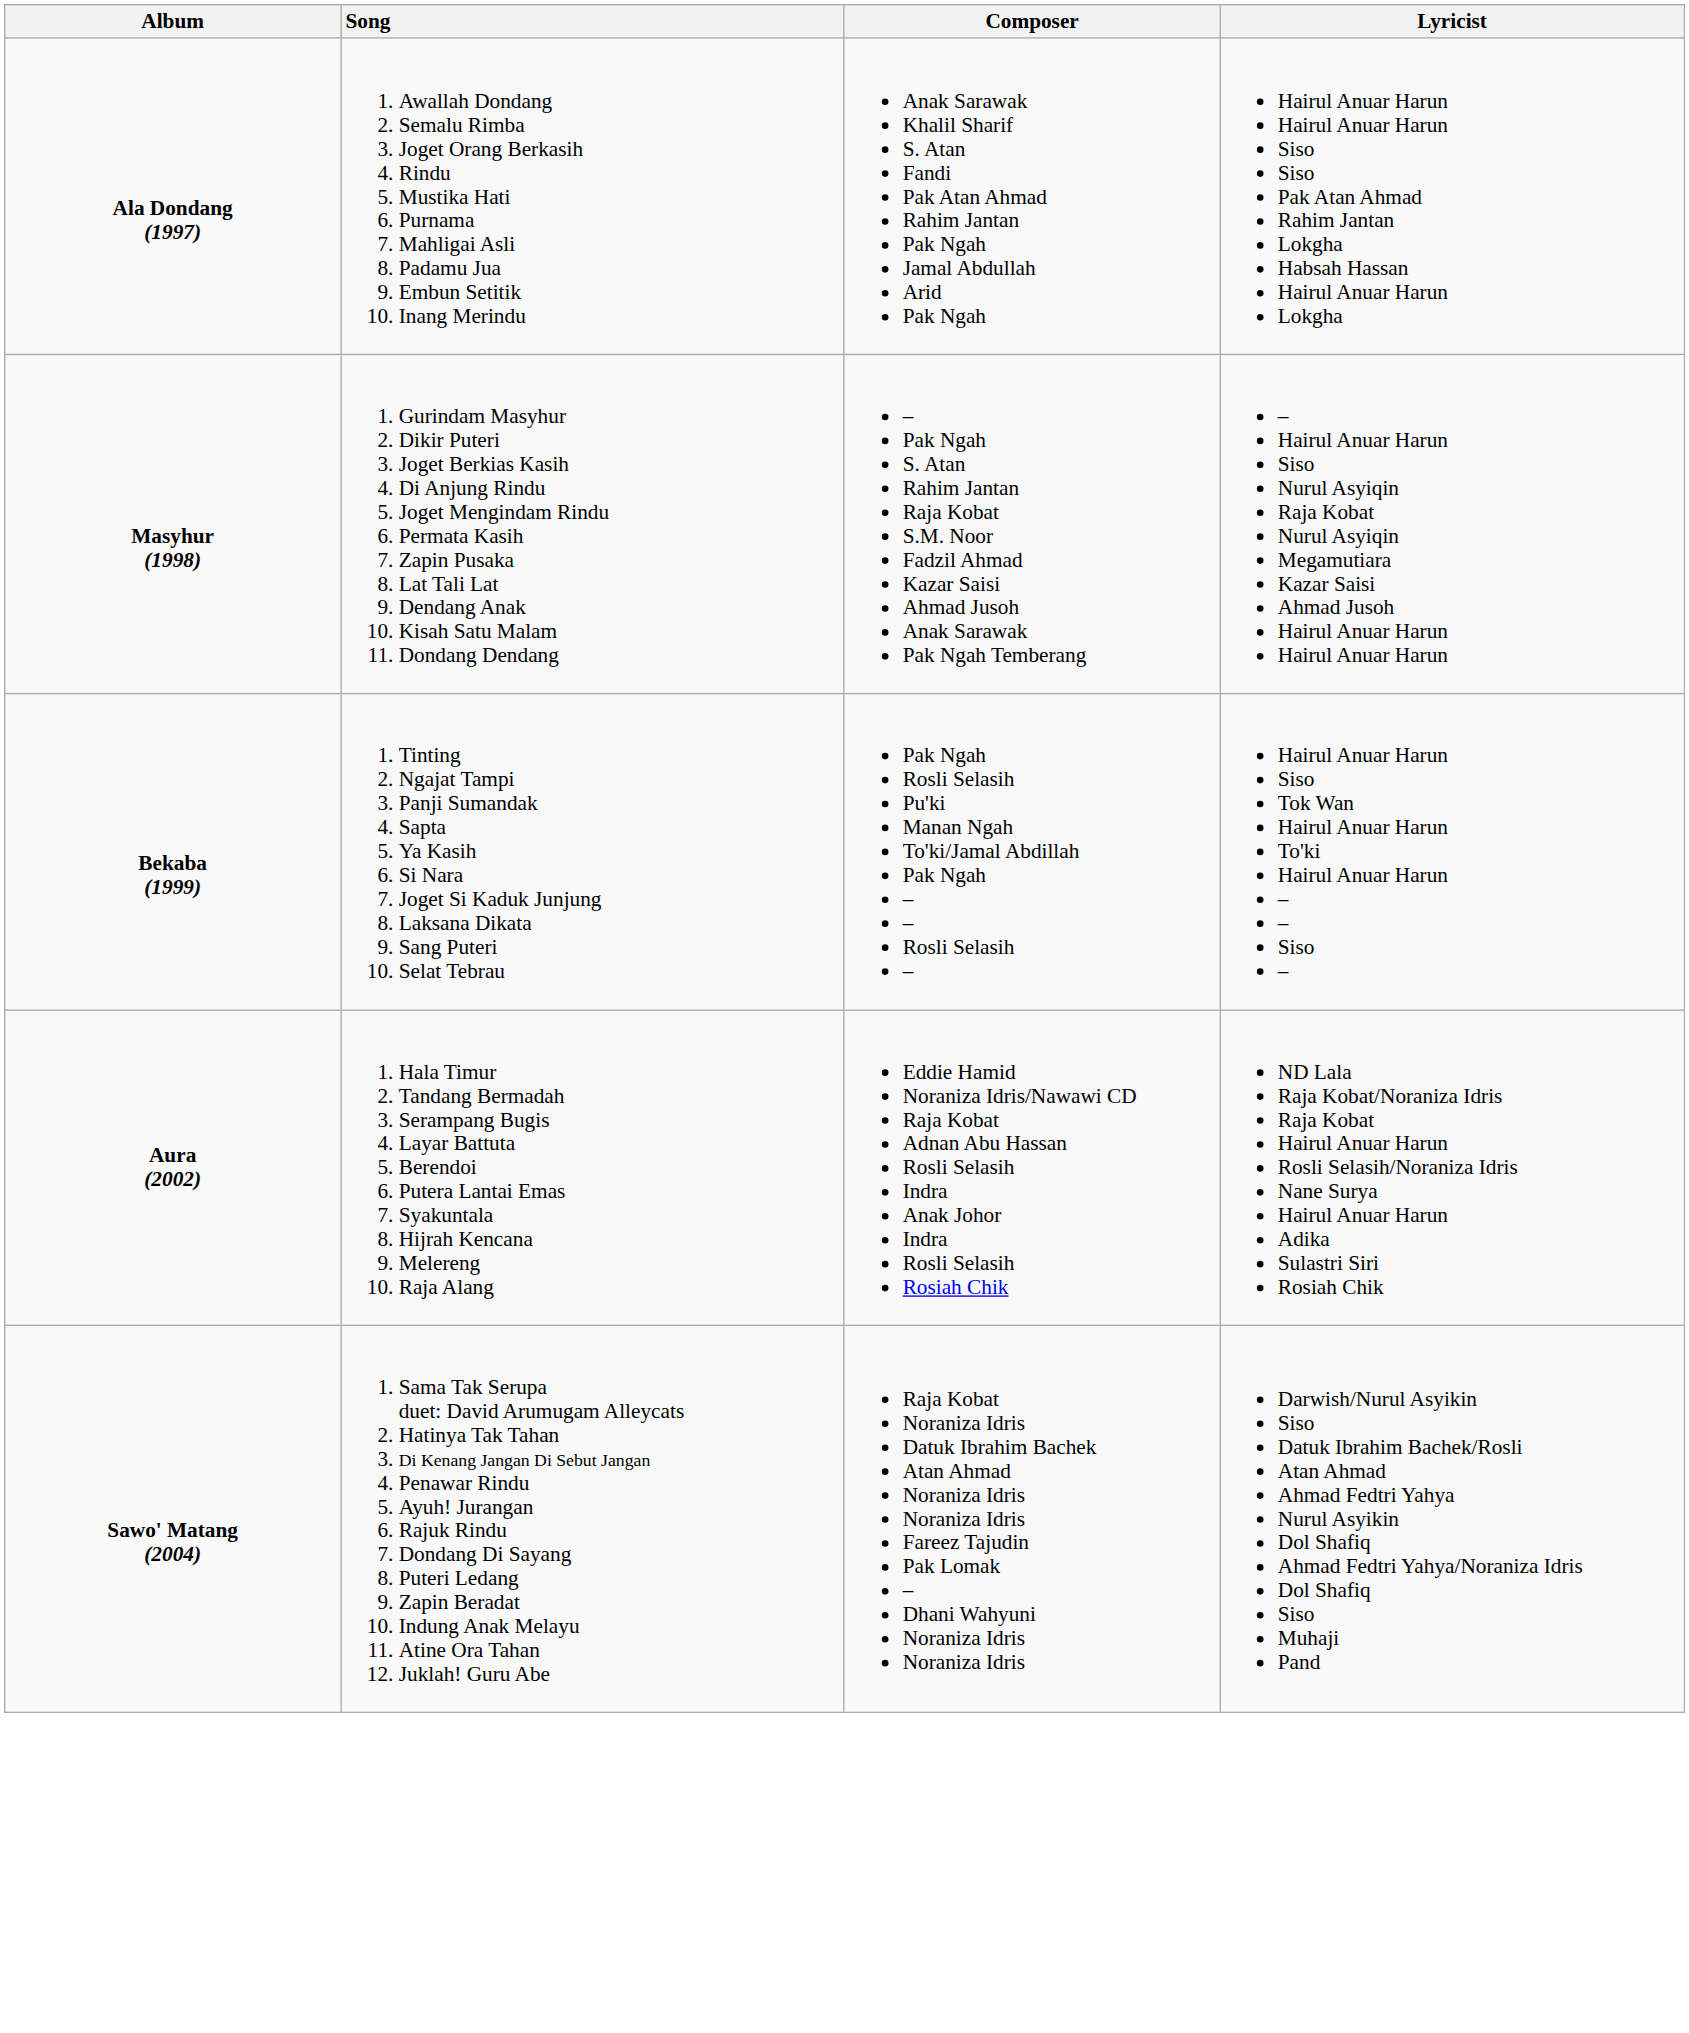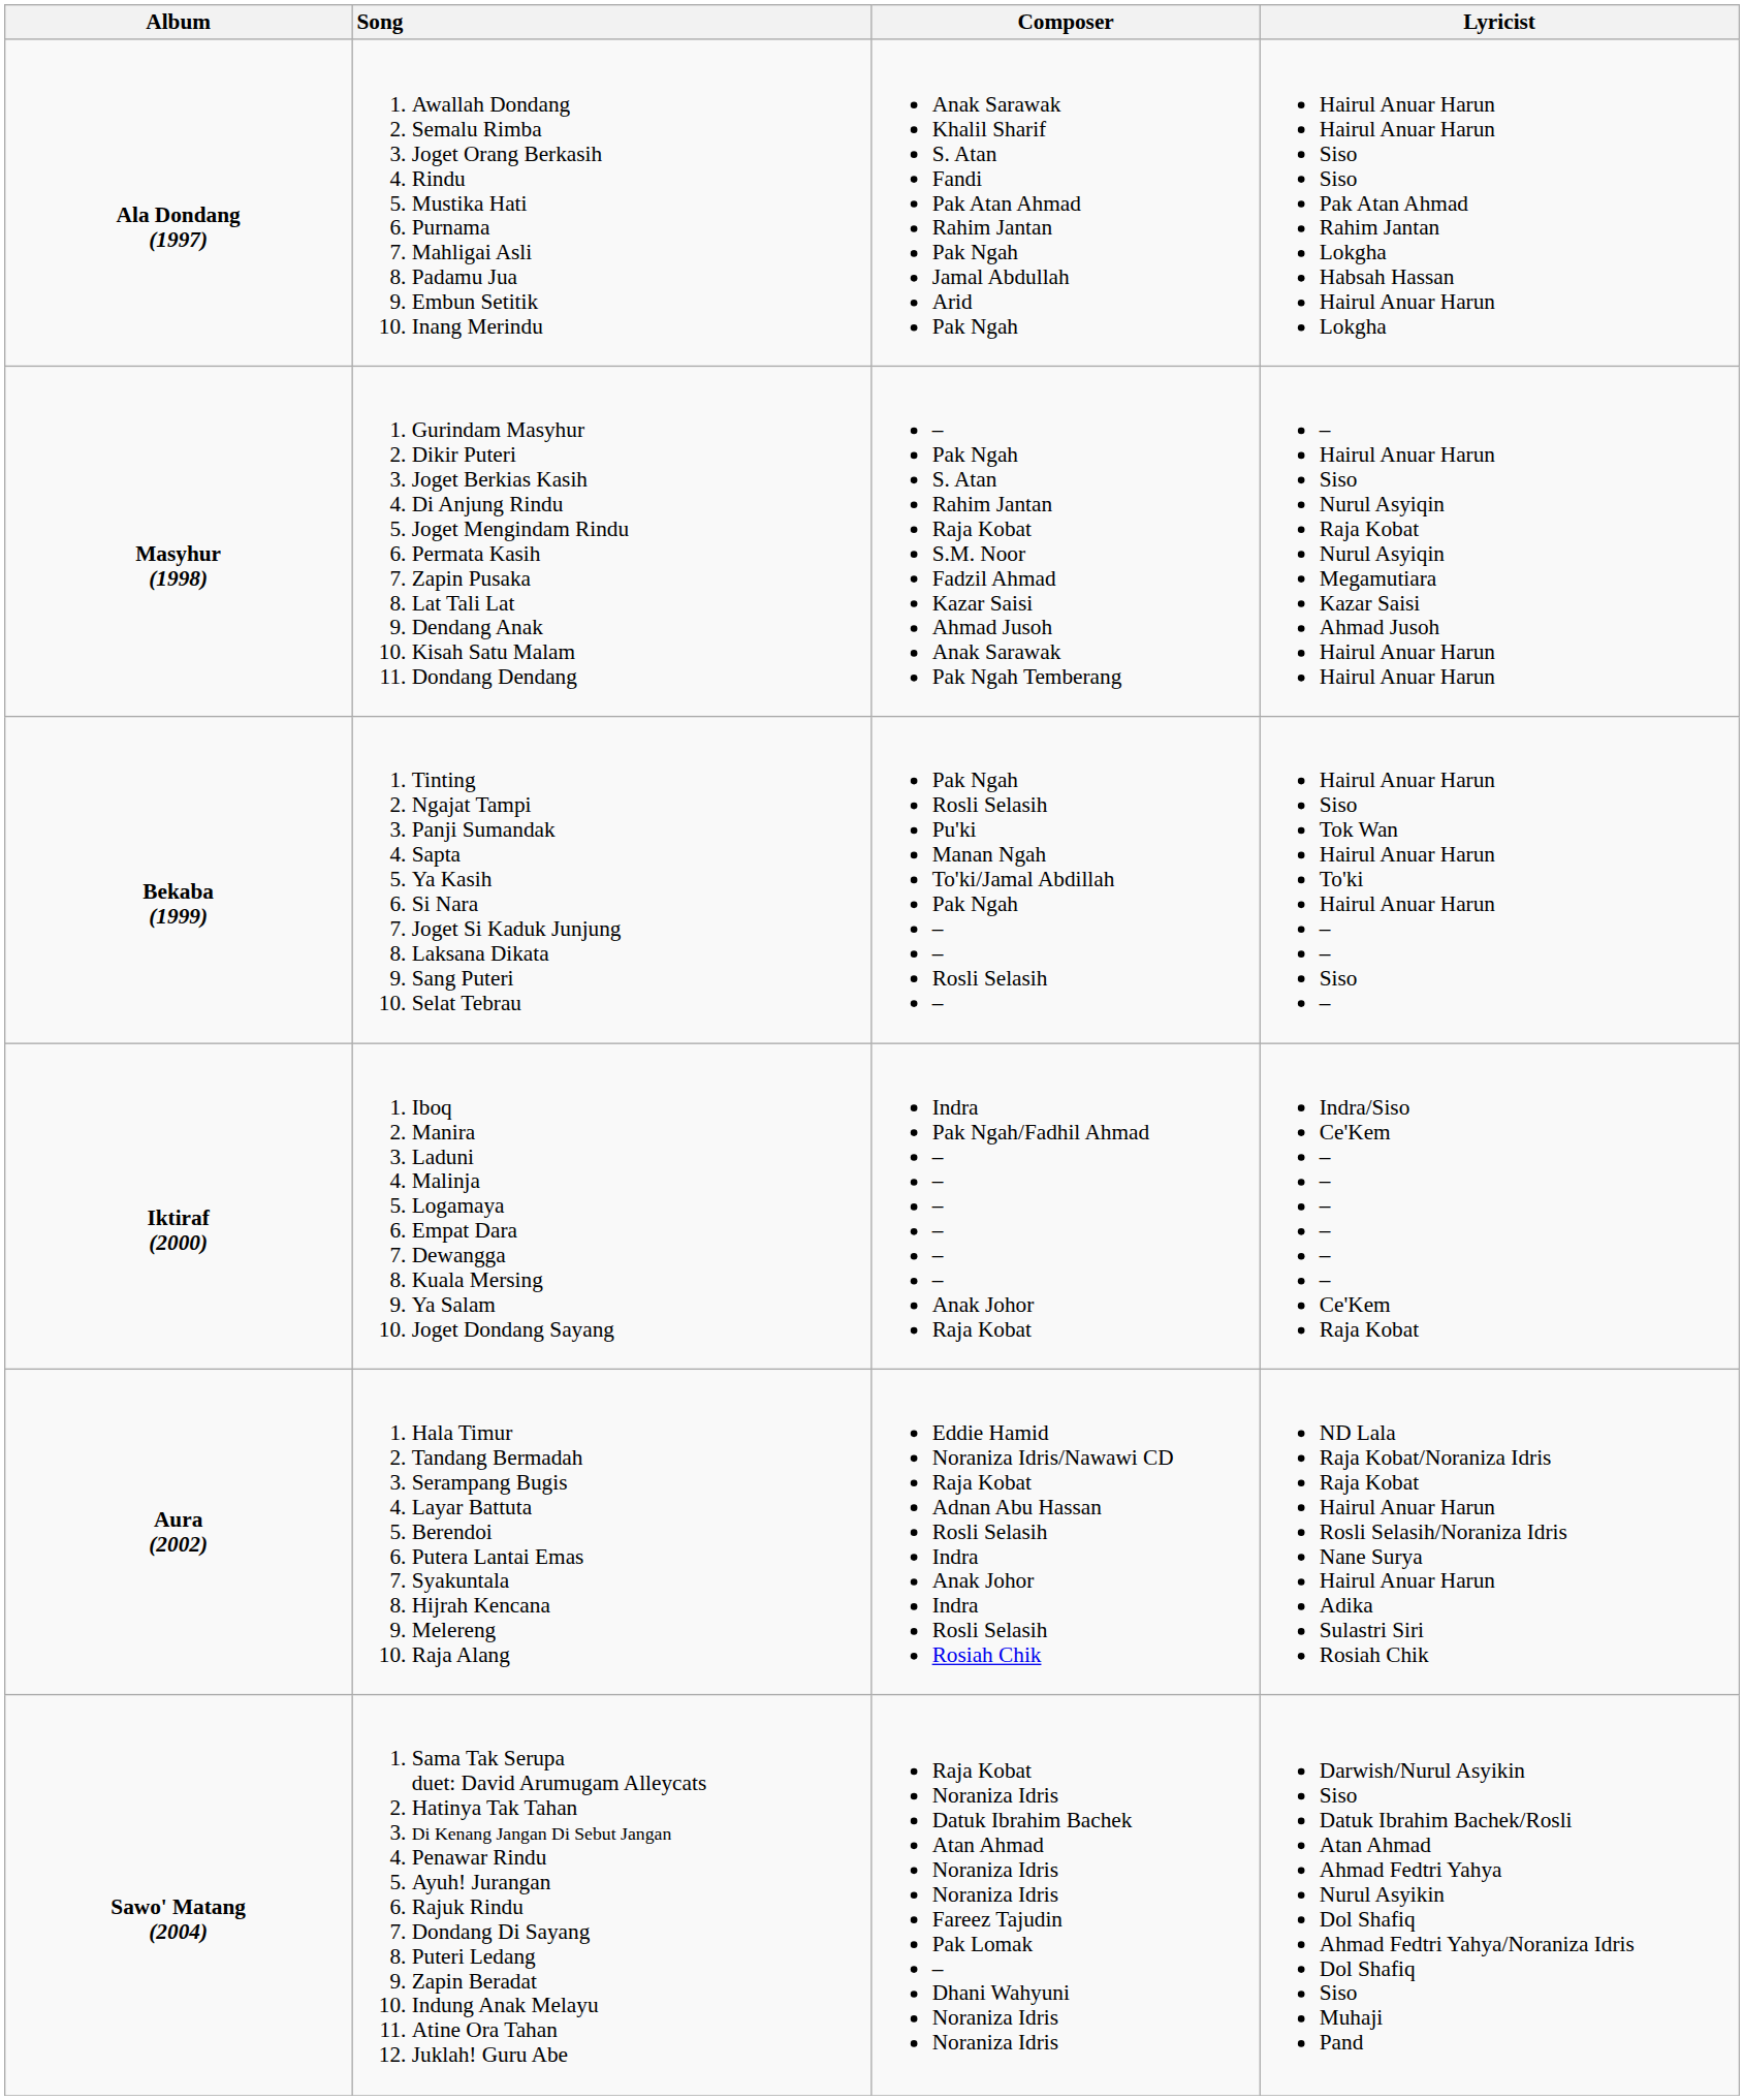 <table class="wikitable" style="width:100%;">
 <tr>
 <th style="width:20%; text-align:center;">Album</th>
 <th style="width:30%; text-align:left;">Song</th>
 <th align="left">Composer</th>
 <th align="left">Lyricist</th>
 </tr>
 <tr>
 <td style="text-align:center;"><br><br><strong>Ala Dondang</strong><br><strong><em>(1997)</em></strong></td>
 <td><br><ol><li>Awallah Dondang</li><li>Semalu Rimba</li><li>Joget Orang Berkasih</li><li>Rindu</li><li>Mustika Hati</li><li>Purnama</li><li>Mahligai Asli</li><li>Padamu Jua</li><li>Embun Setitik</li><li>Inang Merindu</li></ol></td>
 <td><br><ul><li>Anak Sarawak</li><li>Khalil Sharif</li><li>S. Atan</li><li>Fandi</li><li>Pak Atan Ahmad</li><li>Rahim Jantan</li><li>Pak Ngah</li><li>Jamal Abdullah</li><li>Arid</li><li>Pak Ngah</li></ul></td>
 <td><br><ul><li>Hairul Anuar Harun</li><li>Hairul Anuar Harun</li><li>Siso</li><li>Siso</li><li>Pak Atan Ahmad</li><li>Rahim Jantan</li><li>Lokgha</li><li>Habsah Hassan</li><li>Hairul Anuar Harun</li><li>Lokgha</li></ul></td>
 </tr>
 <tr>
 <td style="text-align:center;"><br><br><strong>Masyhur</strong><br><strong><em>(1998)</em></strong></td>
 <td><br><ol><li>Gurindam Masyhur</li><li>Dikir Puteri</li><li>Joget Berkias Kasih</li><li>Di Anjung Rindu</li><li>Joget Mengindam Rindu</li><li>Permata Kasih</li><li>Zapin Pusaka</li><li>Lat Tali Lat</li><li>Dendang Anak</li><li>Kisah Satu Malam</li><li>Dondang Dendang</li></ol></td>
 <td><br><ul><li>–</li><li>Pak Ngah</li><li>S. Atan</li><li>Rahim Jantan</li><li>Raja Kobat</li><li>S.M. Noor</li><li>Fadzil Ahmad</li><li>Kazar Saisi</li><li>Ahmad Jusoh</li><li>Anak Sarawak</li><li>Pak Ngah Temberang</li></ul></td>
 <td><br><ul><li>–</li><li>Hairul Anuar Harun</li><li>Siso</li><li>Nurul Asyiqin</li><li>Raja Kobat</li><li>Nurul Asyiqin</li><li>Megamutiara</li><li>Kazar Saisi</li><li>Ahmad Jusoh</li><li>Hairul Anuar Harun</li><li>Hairul Anuar Harun</li></ul></td>
 </tr>
 <tr>
 <td style="text-align:center;"><br><br><strong>Bekaba</strong><br><strong><em>(1999)</em></strong></td>
 <td><br><ol><li>Tinting</li><li>Ngajat Tampi</li><li>Panji Sumandak</li><li>Sapta</li><li>Ya Kasih</li><li>Si Nara</li><li>Joget Si Kaduk Junjung</li><li>Laksana Dikata</li><li>Sang Puteri</li><li>Selat Tebrau</li></ol></td>
 <td><br><ul><li>Pak Ngah</li><li>Rosli Selasih</li><li>Pu'ki</li><li>Manan Ngah</li><li>To'ki/Jamal Abdillah</li><li>Pak Ngah</li><li>–</li><li>–</li><li>Rosli Selasih</li><li>–</li></ul></td>
 <td><br><ul><li>Hairul Anuar Harun</li><li>Siso</li><li>Tok Wan</li><li>Hairul Anuar Harun</li><li>To'ki</li><li>Hairul Anuar Harun</li><li>–</li><li>–</li><li>Siso</li><li>–</li></ul></td>
 </tr>
 <tr>
+<td style="text-align:center;"><br><br><strong>Iktiraf</strong><br><strong><em>(2000)</em></strong></td>
+<td><br><ol><li>Iboq</li><li>Manira</li><li>Laduni</li><li>Malinja</li><li>Logamaya</li><li>Empat Dara</li><li>Dewangga</li><li>Kuala Mersing</li><li>Ya Salam</li><li>Joget Dondang Sayang</li></ol></td>
+<td><br><ul><li>Indra</li><li>Pak Ngah/Fadhil Ahmad</li><li>–</li><li>–</li><li>–</li><li>–</li><li>–</li><li>–</li><li>Anak Johor</li><li>Raja Kobat</li></ul></td>
+<td><br><ul><li>Indra/Siso</li><li>Ce'Kem</li><li>–</li><li>–</li><li>–</li><li>–</li><li>–</li><li>–</li><li>Ce'Kem</li><li>Raja Kobat</li></ul></td>
+</tr>
+<tr>
 <td style="text-align:center;"><strong>Aura</strong><br><strong><em>(2002)</em></strong></td>
 <td><br><ol><li>Hala Timur</li><li>Tandang Bermadah</li><li>Serampang Bugis</li><li>Layar Battuta</li><li>Berendoi</li><li>Putera Lantai Emas</li><li>Syakuntala</li><li>Hijrah Kencana</li><li>Melereng</li><li>Raja Alang</li></ol></td>
 <td><br><ul><li>Eddie Hamid</li><li>Noraniza Idris/Nawawi CD</li><li>Raja Kobat</li><li>Adnan Abu Hassan</li><li>Rosli Selasih</li><li>Indra</li><li>Anak Johor</li><li>Indra</li><li>Rosli Selasih</li><li><a href='#'>Rosiah Chik</a></li></ul></td>
 <td><br><ul><li>ND Lala</li><li>Raja Kobat/Noraniza Idris</li><li>Raja Kobat</li><li>Hairul Anuar Harun</li><li>Rosli Selasih/Noraniza Idris</li><li>Nane Surya</li><li>Hairul Anuar Harun</li><li>Adika</li><li>Sulastri Siri</li><li>Rosiah Chik</li></ul></td>
 </tr>
 <tr>
 <td style="text-align:center;"><br><br><strong>Sawo' Matang</strong><br><strong><em>(2004)</em></strong></td>
 <td><br><ol><li>Sama Tak Serupa<br>duet: David Arumugam Alleycats</li><li>Hatinya Tak Tahan</li><li><small>Di Kenang Jangan Di Sebut Jangan</small></li><li>Penawar Rindu</li><li>Ayuh! Jurangan</li><li>Rajuk Rindu</li><li>Dondang Di Sayang</li><li>Puteri Ledang</li><li>Zapin Beradat</li><li>Indung Anak Melayu</li><li>Atine Ora Tahan</li><li>Juklah! Guru Abe</li></ol></td>
 <td><br><ul><li>Raja Kobat</li><li>Noraniza Idris</li><li>Datuk Ibrahim Bachek</li><li>Atan Ahmad</li><li>Noraniza Idris</li><li>Noraniza Idris</li><li>Fareez Tajudin</li><li>Pak Lomak</li><li>–</li><li>Dhani Wahyuni</li><li>Noraniza Idris</li><li>Noraniza Idris</li></ul></td>
 <td><br><ul><li>Darwish/Nurul Asyikin</li><li>Siso</li><li>Datuk Ibrahim Bachek/Rosli</li><li>Atan Ahmad</li><li>Ahmad Fedtri Yahya</li><li>Nurul Asyikin</li><li>Dol Shafiq</li><li>Ahmad Fedtri Yahya/Noraniza Idris</li><li>Dol Shafiq</li><li>Siso</li><li>Muhaji</li><li>Pand</li></ul></td>
 </tr>
 </table>
